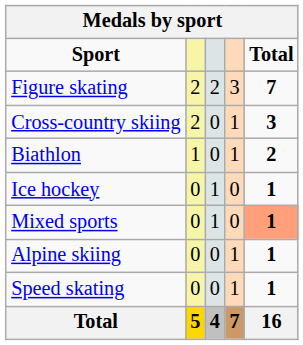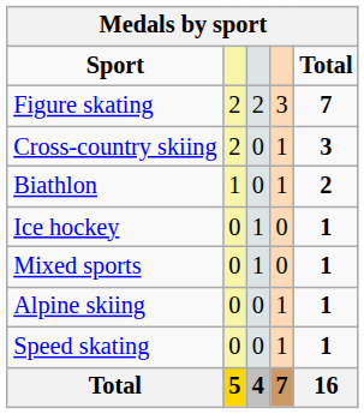 <table class="wikitable" style="font-size:85%;float:right;clear:right;">
 <tr style="background:#efefef;">
 <th colspan=5><strong>Medals by sport</strong></th>
 </tr>
 <tr align=center>
 <td><strong>Sport</strong></td>
 <td bgcolor=#f7f6a8></td>
 <td bgcolor=#dce5e5></td>
 <td bgcolor=#ffdab9></td>
 <td><strong>Total</strong></td>
 </tr>
 <tr align=center>
 <td align=left><a href='#'>Figure skating</a></td>
 <td style="background:#F7F6A8;">2</td>
 <td style="background:#DCE5E5;">2</td>
 <td style="background:#FFDAB9;">3</td>
 <td><strong>7</strong></td>
 </tr>
 <tr align=center>
 <td align=left><a href='#'>Cross-country skiing</a></td>
 <td style="background:#F7F6A8;">2</td>
 <td style="background:#DCE5E5;">0</td>
 <td style="background:#FFDAB9;">1</td>
 <td><strong>3</strong></td>
 </tr>
 <tr align=center>
 <td align=left><a href='#'>Biathlon</a></td>
 <td style="background:#F7F6A8;">1</td>
 <td style="background:#DCE5E5;">0</td>
 <td style="background:#FFDAB9;">1</td>
 <td><strong>2</strong></td>
 </tr>
 <tr align=center>
 <td align=left><a href='#'>Ice hockey</a></td>
 <td style="background:#F7F6A8;">0</td>
 <td style="background:#DCE5E5;">1</td>
 <td style="background:#FFDAB9;">0</td>
 <td><strong>1</strong></td>
 </tr>
 <tr align=center>
 <td align=left><a href='#'>Mixed sports</a></td>
 <td style="background:#F7F6A8;">0</td>
 <td style="background:#DCE5E5;">1</td>
 <td style="background:#FFDAB9;">0</td>
-<td style="background: lightsalmon;"><strong>1</strong></td>
+<td><strong>1</strong></td>
 </tr>
 <tr align=center>
 <td align=left><a href='#'>Alpine skiing</a></td>
 <td style="background:#F7F6A8;">0</td>
 <td style="background:#DCE5E5;">0</td>
 <td style="background:#FFDAB9;">1</td>
 <td><strong>1</strong></td>
 </tr>
 <tr align=center>
 <td align=left><a href='#'>Speed skating</a></td>
 <td style="background:#F7F6A8;">0</td>
 <td style="background:#DCE5E5;">0</td>
 <td style="background:#FFDAB9;">1</td>
 <td><strong>1</strong></td>
 </tr>
 <tr align=center>
 <th><strong>Total</strong></th>
 <th style="background:gold;"><strong>5</strong></th>
 <th style="background:silver;"><strong>4</strong></th>
 <th style="background:#c96;"><strong>7</strong></th>
 <th><strong>16</strong></th>
 </tr>
 </table>
